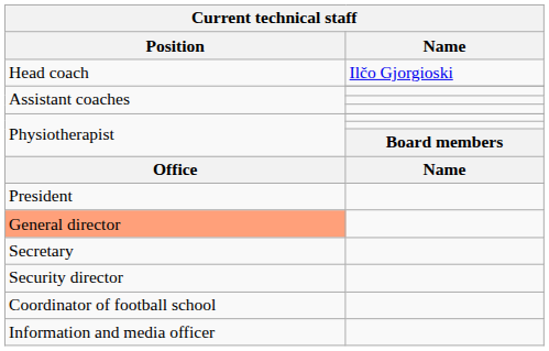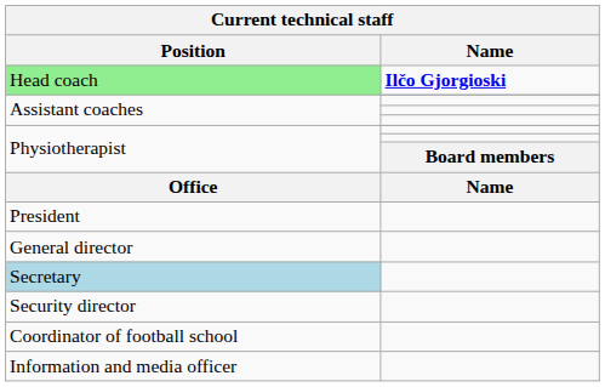 <table class="wikitable" width=40% style="text-align:left;font-size:100%;">
 <tr>
 <th colspan="2">Current technical staff</th>
 </tr>
 <tr>
 <th>Position</th>
 <th>Name</th>
 </tr>
 <tr>
-<td>Head coach</td>
-<td> <a href='#'>Ilčo Gjorgioski</a></td>
+<td style="background: lightgreen;">Head coach</td>
+<td><strong> <a href='#'>Ilčo Gjorgioski</a></strong></td>
 </tr>
 <tr>
 <td rowspan="4">Assistant coaches</td>
 </tr>
 <tr>
 <td> </td>
 </tr>
 <tr>
 <td> </td>
 </tr>
 <tr>
 <td> </td>
 </tr>
 <tr>
 <td rowspan="4”">Physiotherapist</td>
 </tr>
 <tr>
 <td> </td>
 </tr>
 <tr>
 <td> </td>
 </tr>
 <tr>
 <th colspan="2">Board members</th>
 </tr>
 <tr>
 <th>Office</th>
 <th>Name</th>
 </tr>
 <tr>
 <td>President</td>
 <td> </td>
 </tr>
 <tr>
-<td style="background: lightsalmon;">General director</td>
+<td>General director</td>
 <td> </td>
 </tr>
 <tr>
-<td>Secretary</td>
+<td style="background: lightblue;">Secretary</td>
 <td> </td>
 </tr>
 <tr>
 <td>Security director</td>
 <td> </td>
 </tr>
 <tr>
 <td>Coordinator of football school</td>
 <td> </td>
 </tr>
 <tr>
 <td>Information and media officer</td>
 <td> </td>
 </tr>
 </table>
